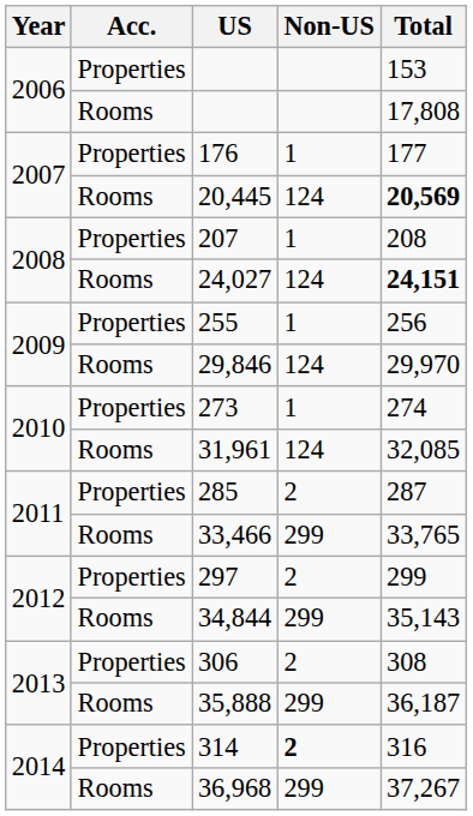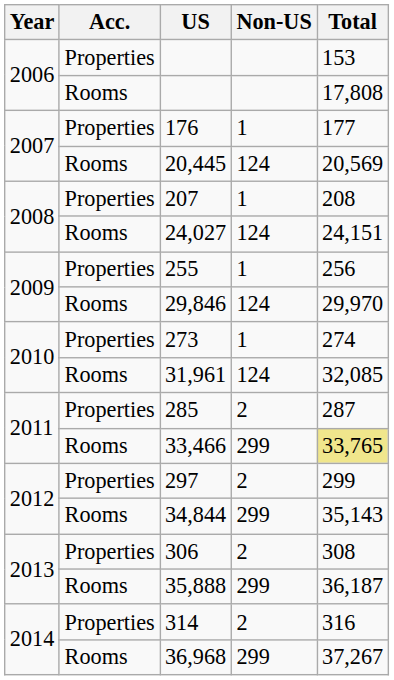 <table class="wikitable">
 <tr>
 <th class="unsortable">Year</th>
 <th>Acc.</th>
 <th>US</th>
 <th>Non-US</th>
 <th>Total</th>
 </tr>
 <tr>
 <td rowspan=2>2006</td>
 <td>Properties</td>
 <td></td>
 <td></td>
 <td>153</td>
 </tr>
 <tr>
 <td>Rooms</td>
 <td></td>
 <td></td>
 <td>17,808</td>
 </tr>
 <tr>
 <td rowspan=2>2007</td>
 <td>Properties</td>
 <td>176</td>
 <td>1</td>
 <td>177</td>
 </tr>
 <tr>
 <td>Rooms</td>
 <td>20,445</td>
 <td>124</td>
-<td><strong>20,569</strong></td>
+<td>20,569</td>
 </tr>
 <tr>
 <td rowspan=2>2008</td>
 <td>Properties</td>
 <td>207</td>
 <td>1</td>
 <td>208</td>
 </tr>
 <tr>
 <td>Rooms</td>
 <td>24,027</td>
 <td>124</td>
-<td><strong>24,151</strong></td>
+<td>24,151</td>
 </tr>
 <tr>
 <td rowspan=2>2009</td>
 <td>Properties</td>
 <td>255</td>
 <td>1</td>
 <td>256</td>
 </tr>
 <tr>
 <td>Rooms</td>
 <td>29,846</td>
 <td>124</td>
 <td>29,970</td>
 </tr>
 <tr>
 <td rowspan=2>2010</td>
 <td>Properties</td>
 <td>273</td>
 <td>1</td>
 <td>274</td>
 </tr>
 <tr>
 <td>Rooms</td>
 <td>31,961</td>
 <td>124</td>
 <td>32,085</td>
 </tr>
 <tr>
 <td rowspan=2>2011</td>
 <td>Properties</td>
 <td>285</td>
 <td>2</td>
 <td>287</td>
 </tr>
 <tr>
 <td>Rooms</td>
 <td>33,466</td>
 <td>299</td>
-<td>33,765</td>
+<td style="background: khaki;">33,765</td>
 </tr>
 <tr>
 <td rowspan=2>2012</td>
 <td>Properties</td>
 <td>297</td>
 <td>2</td>
 <td>299</td>
 </tr>
 <tr>
 <td>Rooms</td>
 <td>34,844</td>
 <td>299</td>
 <td>35,143</td>
 </tr>
 <tr>
 <td rowspan=2>2013</td>
 <td>Properties</td>
 <td>306</td>
 <td>2</td>
 <td>308</td>
 </tr>
 <tr>
 <td>Rooms</td>
 <td>35,888</td>
 <td>299</td>
 <td>36,187</td>
 </tr>
 <tr>
 <td rowspan=2>2014</td>
 <td>Properties</td>
 <td>314</td>
-<td><strong>2</strong></td>
+<td>2</td>
 <td>316</td>
 </tr>
 <tr>
 <td>Rooms</td>
 <td>36,968</td>
 <td>299</td>
 <td>37,267</td>
 </tr>
 </table>
